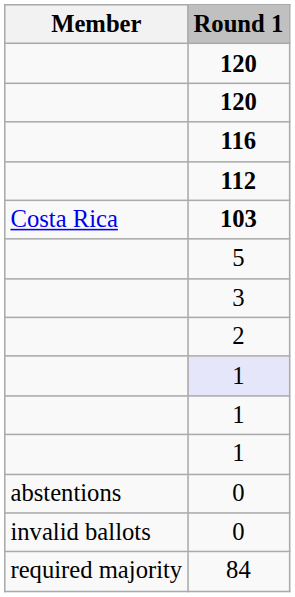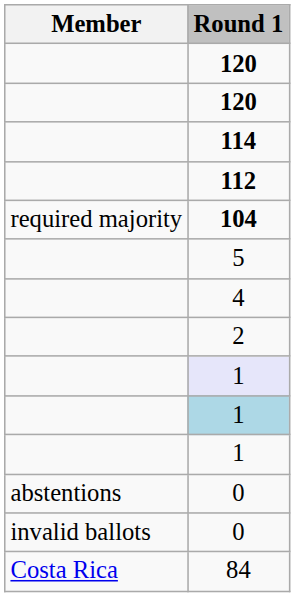 <table class="wikitable collapsible">
 <tr>
 <th>Member</th>
 <td style="background:silver;"><strong>Round 1</strong></td>
 </tr>
 <tr>
 <td></td>
 <td style="text-align:center;"><strong>120</strong></td>
 </tr>
 <tr>
 <td></td>
 <td style="text-align:center;"><strong>120</strong></td>
 </tr>
 <tr>
 <td></td>
-<td style="text-align:center;"><strong>116</strong></td>
+<td style="text-align:center;"><strong>114</strong></td>
 </tr>
 <tr>
 <td></td>
 <td style="text-align:center;"><strong>112</strong></td>
 </tr>
 <tr>
-<td> <a href='#'>Costa Rica</a></td>
-<td style="text-align:center;"><strong>103</strong></td>
+<td>required majority</td>
+<td style="text-align:center;"><strong>104</strong></td>
 </tr>
 <tr>
 <td></td>
 <td style="text-align:center;">5</td>
 </tr>
 <tr>
 <td></td>
-<td style="text-align:center;">3</td>
+<td style="text-align:center;">4</td>
 </tr>
 <tr>
 <td></td>
 <td style="text-align:center;">2</td>
 </tr>
 <tr>
 <td></td>
 <td style="background: lavender; text-align:center;">1</td>
 </tr>
 <tr>
 <td></td>
-<td style="text-align:center;">1</td>
+<td style="background: lightblue; text-align:center;">1</td>
 </tr>
 <tr>
 <td></td>
 <td style="text-align:center;">1</td>
 </tr>
 <tr>
 <td>abstentions</td>
 <td style="text-align:center;">0</td>
 </tr>
 <tr>
 <td>invalid ballots</td>
 <td style="text-align:center;">0</td>
 </tr>
 <tr>
-<td>required majority</td>
+<td> <a href='#'>Costa Rica</a></td>
 <td style="text-align:center;">84</td>
 </tr>
 </table>
